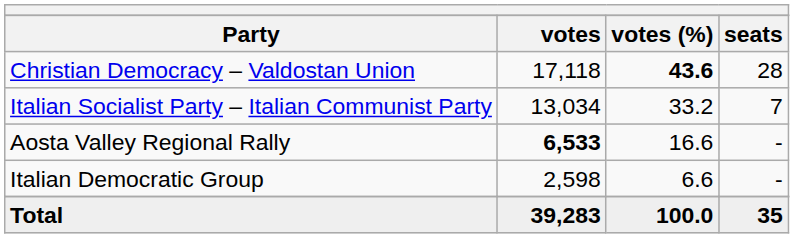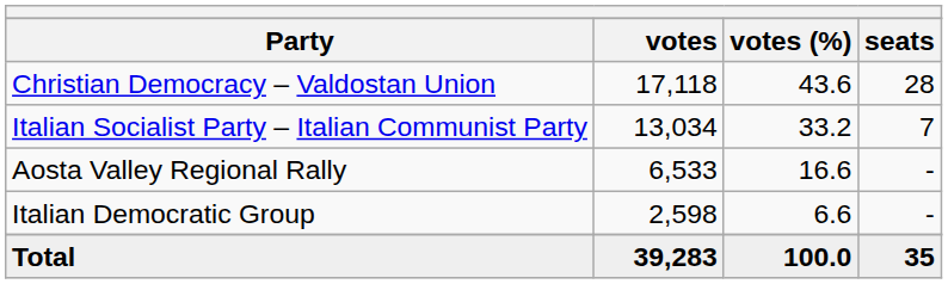 <table class="wikitable" style="font-size:95%">
 <tr>
 <th colspan=4></th>
 </tr>
 <tr>
 </tr>
 <tr bgcolor="EFEFEF">
 <th>Party</th>
 <th>      votes</th>
 <th>votes (%)</th>
 <th>seats</th>
 </tr>
 <tr>
 <td><a href='#'>Christian Democracy</a> – <a href='#'>Valdostan Union</a></td>
 <td align=right>17,118</td>
-<td align=right><strong>43.6</strong></td>
+<td align=right>43.6</td>
 <td align=right>28</td>
 </tr>
 <tr>
 <td><a href='#'>Italian Socialist Party</a> – <a href='#'>Italian Communist Party</a></td>
 <td align=right>13,034</td>
 <td align=right>33.2</td>
 <td align=right>7</td>
 </tr>
 <tr>
 <td>Aosta Valley Regional Rally</td>
-<td align=right><strong>6,533</strong></td>
+<td align=right>6,533</td>
 <td align=right>16.6</td>
 <td align=right>-</td>
 </tr>
 <tr>
 <td>Italian Democratic Group</td>
 <td align=right>2,598</td>
 <td align=right>6.6</td>
 <td align=right>-</td>
 </tr>
 <tr>
 </tr>
 <tr bgcolor="EFEFEF">
 <td><strong>Total</strong></td>
 <td align=right><strong>39,283</strong></td>
 <td align=right><strong>100.0</strong></td>
 <td align=right><strong>35</strong></td>
 </tr>
 </table>
